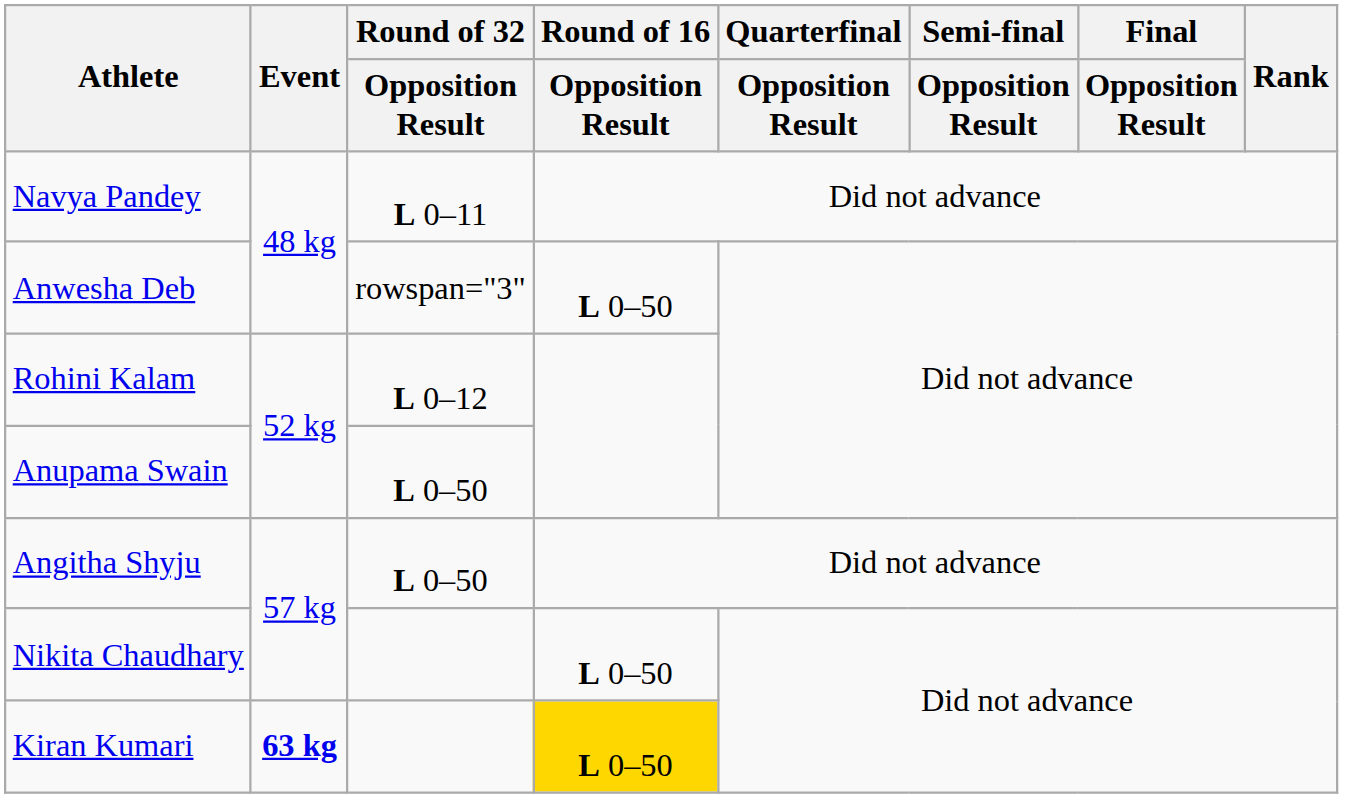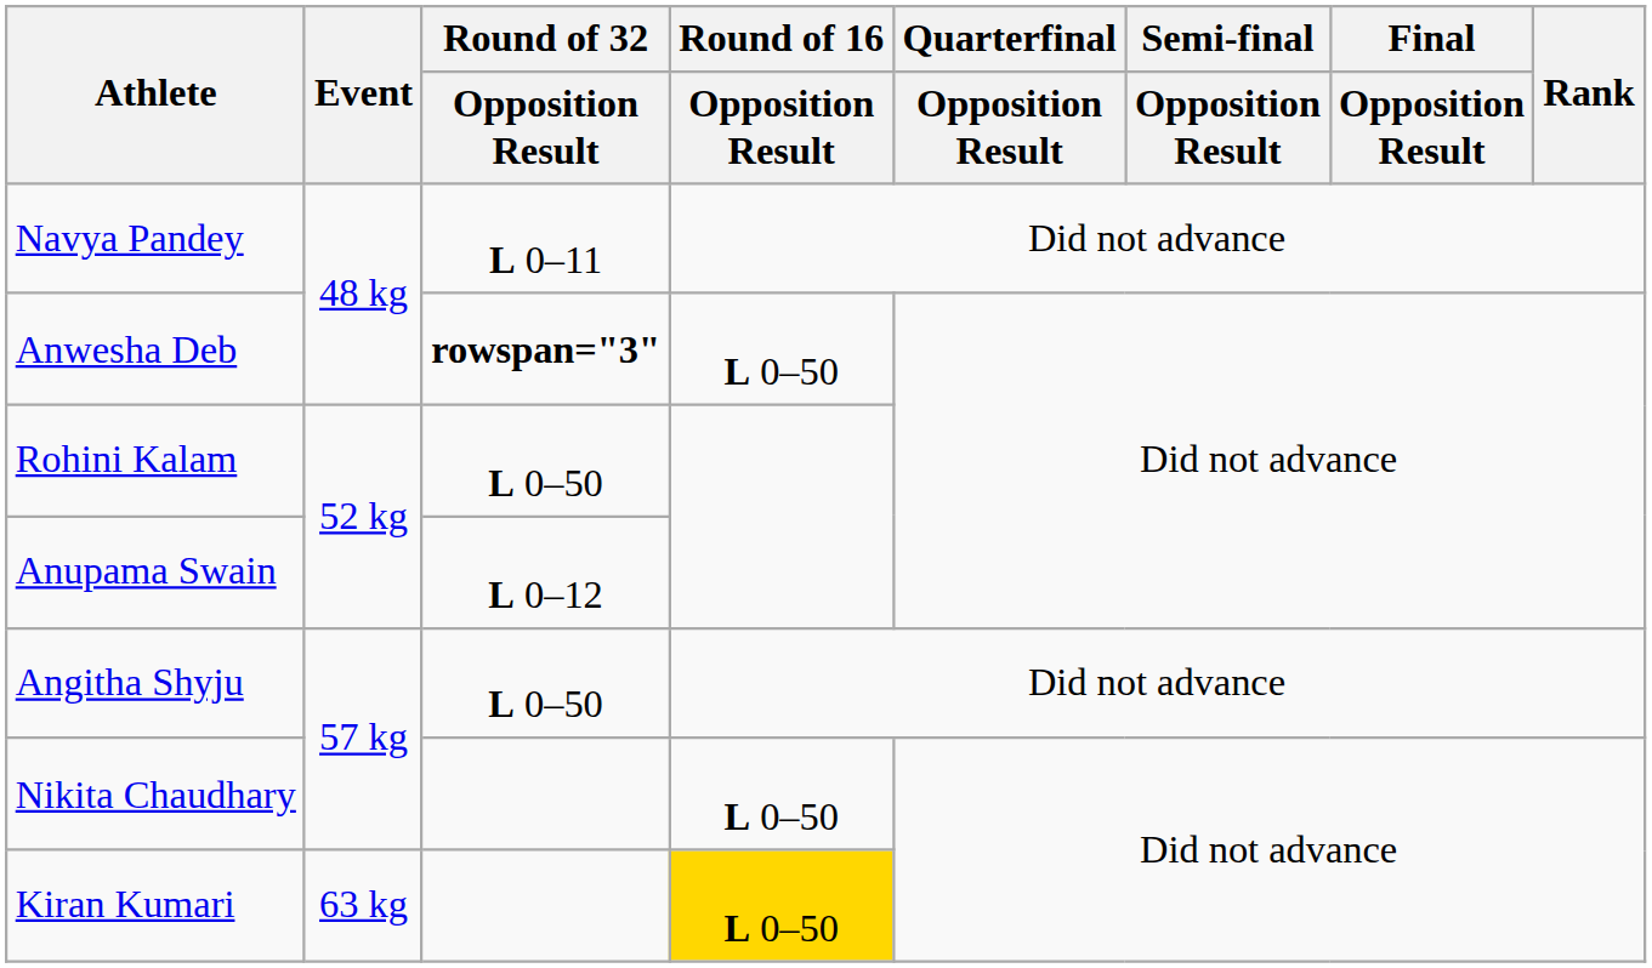 <table class="wikitable" style="text-align:center; font-size:90%">
 <tr>
 <th rowspan="2">Athlete</th>
 <th rowspan="2">Event</th>
 <th>Round of 32</th>
 <th>Round of 16</th>
 <th>Quarterfinal</th>
 <th>Semi-final</th>
 <th>Final</th>
 <th rowspan="2">Rank</th>
 </tr>
 <tr>
 <th>Opposition<br>Result</th>
 <th>Opposition<br>Result</th>
 <th>Opposition<br>Result</th>
 <th>Opposition<br>Result</th>
 <th>Opposition<br>Result</th>
 </tr>
 <tr>
 <td align=left><a href='#'>Navya Pandey</a></td>
 <td rowspan="2"><a href='#'>48 kg</a></td>
 <td><br><strong>L</strong> 0–11</td>
 <td colspan="5">Did not advance</td>
 </tr>
 <tr>
 <td align=left><a href='#'>Anwesha Deb</a></td>
-<td>rowspan="3" </td>
+<td><strong>rowspan="3" </strong></td>
 <td><br><strong>L</strong> 0–50</td>
 <td rowspan="3" colspan="4">Did not advance</td>
 </tr>
 <tr>
 <td align=left><a href='#'>Rohini Kalam</a></td>
 <td rowspan="2"><a href='#'>52 kg</a></td>
-<td><br><strong>L</strong> 0–12</td>
+<td><br><strong>L</strong> 0–50</td>
 </tr>
 <tr>
 <td align=left><a href='#'>Anupama Swain</a></td>
-<td><br><strong>L</strong> 0–50</td>
+<td><br><strong>L</strong> 0–12</td>
 </tr>
 <tr>
 <td align=left><a href='#'>Angitha Shyju</a></td>
 <td rowspan="2"><a href='#'>57 kg</a></td>
 <td><br><strong>L</strong> 0–50</td>
 <td colspan="5">Did not advance</td>
 </tr>
 <tr>
 <td align=left><a href='#'>Nikita Chaudhary</a></td>
 <td></td>
 <td><br><strong>L</strong> 0–50</td>
 <td rowspan="2" colspan="4">Did not advance</td>
 </tr>
 <tr>
 <td align=left><a href='#'>Kiran Kumari</a></td>
-<td><strong><a href='#'>63 kg</a></strong></td>
+<td><a href='#'>63 kg</a></td>
 <td></td>
 <td style="background: gold;"><br><strong>L</strong> 0–50</td>
 </tr>
 </table>
